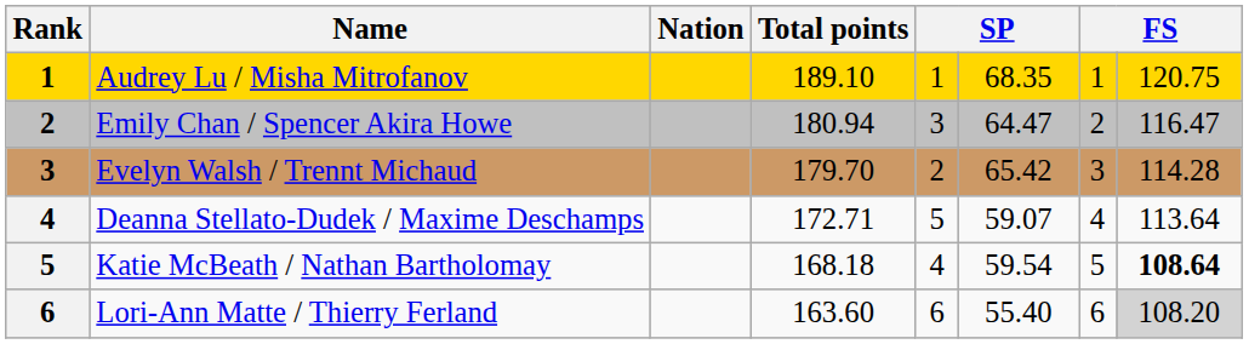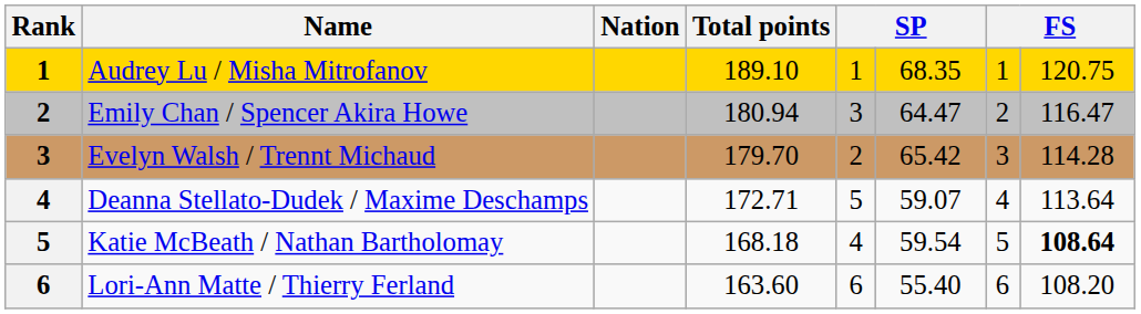 <table class="wikitable sortable">
 <tr>
 <th>Rank</th>
 <th>Name</th>
 <th>Nation</th>
 <th>Total points</th>
 <th colspan="2" width="80px"><a href='#'>SP</a></th>
 <th colspan="2" width="80px"><a href='#'>FS</a></th>
 </tr>
 <tr bgcolor="gold">
 <td align="center"><strong>1</strong></td>
 <td><a href='#'>Audrey Lu</a> / <a href='#'>Misha Mitrofanov</a></td>
 <td></td>
 <td align="center">189.10</td>
 <td align="center">1</td>
 <td align="center">68.35</td>
 <td align="center">1</td>
 <td align="center">120.75</td>
 </tr>
 <tr bgcolor="silver">
 <td align="center"><strong>2</strong></td>
 <td><a href='#'>Emily Chan</a> / <a href='#'>Spencer Akira Howe</a></td>
 <td></td>
 <td align="center">180.94</td>
 <td align="center">3</td>
 <td align="center">64.47</td>
 <td align="center">2</td>
 <td align="center">116.47</td>
 </tr>
 <tr bgcolor="cc9966">
 <td align="center"><strong>3</strong></td>
 <td><a href='#'>Evelyn Walsh</a> / <a href='#'>Trennt Michaud</a></td>
 <td></td>
 <td align="center">179.70</td>
 <td align="center">2</td>
 <td align="center">65.42</td>
 <td align="center">3</td>
 <td align="center">114.28</td>
 </tr>
 <tr>
 <th>4</th>
 <td><a href='#'>Deanna Stellato-Dudek</a> / <a href='#'>Maxime Deschamps</a></td>
 <td></td>
 <td align="center">172.71</td>
 <td align="center">5</td>
 <td align="center">59.07</td>
 <td align="center">4</td>
 <td align="center">113.64</td>
 </tr>
 <tr>
 <th>5</th>
 <td><a href='#'>Katie McBeath</a> / <a href='#'>Nathan Bartholomay</a></td>
 <td></td>
 <td align="center">168.18</td>
 <td align="center">4</td>
 <td align="center">59.54</td>
 <td align="center">5</td>
 <td align="center"><strong>108.64</strong></td>
 </tr>
 <tr>
 <th>6</th>
 <td><a href='#'>Lori-Ann Matte</a> / <a href='#'>Thierry Ferland</a></td>
 <td></td>
 <td align="center">163.60</td>
 <td align="center">6</td>
 <td align="center">55.40</td>
 <td align="center">6</td>
-<td align="center" style="background: lightgrey;">108.20</td>
+<td align="center">108.20</td>
 </tr>
 </table>
